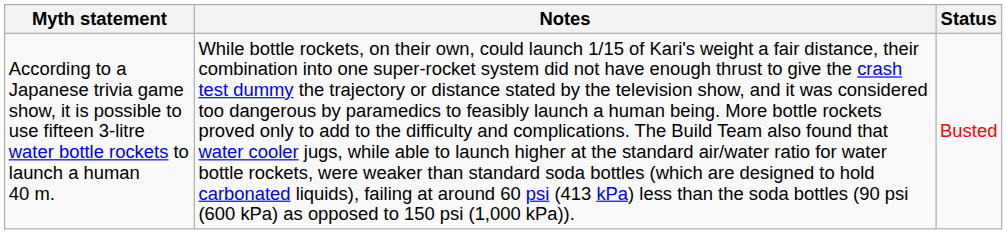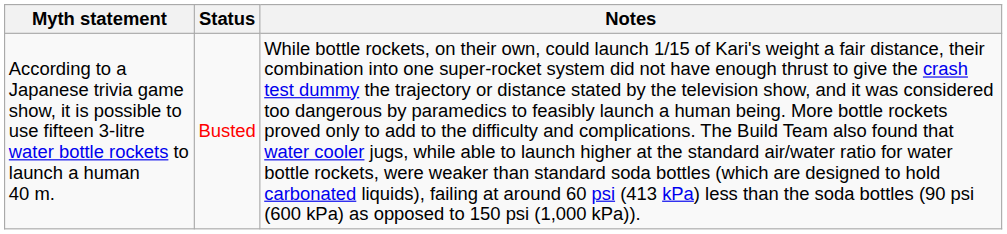 <table class="wikitable plainrowheaders">
 <tr>
 <th>Myth statement</th>
+<th>Status</th>
 <th>Notes</th>
-<th>Status</th>
 </tr>
 <tr>
 <td>According to a Japanese trivia game show, it is possible to use fifteen 3-litre <a href='#'>water bottle rockets</a> to launch a human 40 m.</td>
+<td style="color:red">Busted</td>
 <td>While bottle rockets, on their own, could launch 1/15 of Kari's weight a fair distance, their combination into one super-rocket system did not have enough thrust to give the <a href='#'>crash test dummy</a> the trajectory or distance stated by the television show, and it was considered too dangerous by paramedics to feasibly launch a human being. More bottle rockets proved only to add to the difficulty and complications. The Build Team also found that <a href='#'>water cooler</a> jugs, while able to launch higher at the standard air/water ratio for water bottle rockets, were weaker than standard soda bottles (which are designed to hold <a href='#'>carbonated</a> liquids), failing at around 60 <a href='#'>psi</a> (413 <a href='#'>kPa</a>) less than the soda bottles (90 psi (600 kPa) as opposed to 150 psi (1,000 kPa)).</td>
-<td style="color:red">Busted</td>
 </tr>
 </table>
